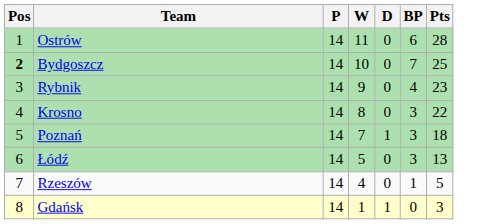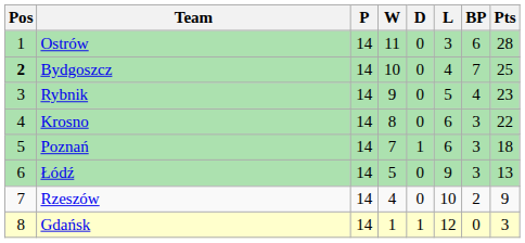 <table class="wikitable" style="font-size: 100%">
 <tr>
 <th width=20>Pos</th>
 <th width=300>Team</th>
 <th width=20>P</th>
 <th width=20>W</th>
 <th width=20>D</th>
+<th width=20>L</th>
 <th width=20>BP</th>
 <th width=20>Pts</th>
 </tr>
 <tr align=center style="background:#ACE1AF;">
 <td>1</td>
 <td align="left"><a href='#'>Ostrów</a></td>
 <td>14</td>
 <td>11</td>
 <td>0</td>
+<td>3</td>
 <td>6</td>
 <td>28</td>
 </tr>
 <tr align=center style="background:#ACE1AF;">
 <td><strong>2</strong></td>
 <td align="left"><a href='#'>Bydgoszcz</a></td>
 <td>14</td>
 <td>10</td>
 <td>0</td>
+<td>4</td>
 <td>7</td>
 <td>25</td>
 </tr>
 <tr align=center style="background:#ACE1AF;">
 <td>3</td>
 <td align="left"><a href='#'>Rybnik</a></td>
 <td>14</td>
 <td>9</td>
 <td>0</td>
+<td>5</td>
 <td>4</td>
 <td>23</td>
 </tr>
 <tr align=center style="background:#ACE1AF;">
 <td>4</td>
 <td align="left"><a href='#'>Krosno</a></td>
 <td>14</td>
 <td>8</td>
 <td>0</td>
+<td>6</td>
 <td>3</td>
 <td>22</td>
 </tr>
 <tr align=center style="background:#ACE1AF;">
 <td>5</td>
 <td align="left"><a href='#'>Poznań</a></td>
 <td>14</td>
 <td>7</td>
 <td>1</td>
+<td>6</td>
 <td>3</td>
 <td>18</td>
 </tr>
 <tr align=center style="background:#ACE1AF;">
 <td>6</td>
 <td align="left"><a href='#'>Łódź</a></td>
 <td>14</td>
 <td>5</td>
 <td>0</td>
+<td>9</td>
 <td>3</td>
 <td>13</td>
 </tr>
 <tr align=center>
 <td>7</td>
 <td align="left"><a href='#'>Rzeszów</a></td>
 <td>14</td>
 <td>4</td>
 <td>0</td>
-<td>1</td>
-<td>5</td>
+<td>10</td>
+<td>2</td>
+<td>9</td>
 </tr>
 <tr align=center style="background: #ffffcc;">
 <td>8</td>
 <td align="left"><a href='#'>Gdańsk</a></td>
 <td>14</td>
 <td>1</td>
 <td>1</td>
+<td>12</td>
 <td>0</td>
 <td>3</td>
 </tr>
 </table>
